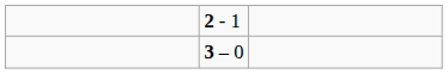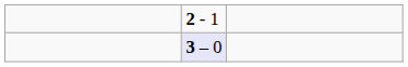 <table class="wikitable">
 <tr>
 <td width=150></td>
 <td><strong>2</strong> - 1</td>
 <td width=150></td>
 </tr>
 <tr>
 <td></td>
-<td><strong>3</strong> – 0</td>
+<td style="background: lavender;"><strong>3</strong> – 0</td>
 <td></td>
 </tr>
 </table>
